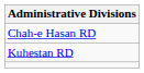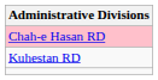 <table class="wikitable">
 <tr>
 <th>Administrative Divisions</th>
 </tr>
 <tr>
-<td><a href='#'>Chah-e Hasan RD</a></td>
+<td style="background: pink;"><a href='#'>Chah-e Hasan RD</a></td>
 </tr>
 <tr>
 <td><a href='#'>Kuhestan RD</a></td>
 </tr>
 <tr>
 <td colspan=1></td>
 </tr>
 </table>
